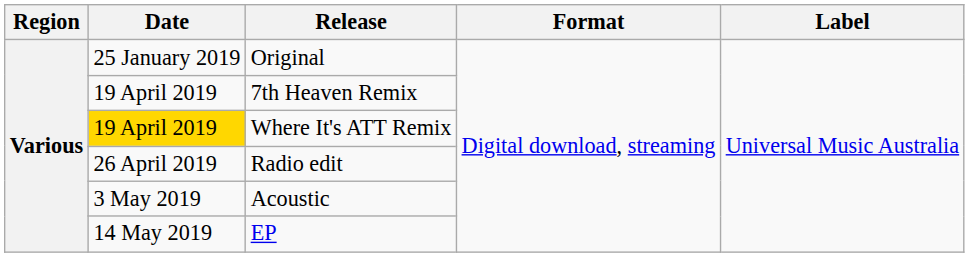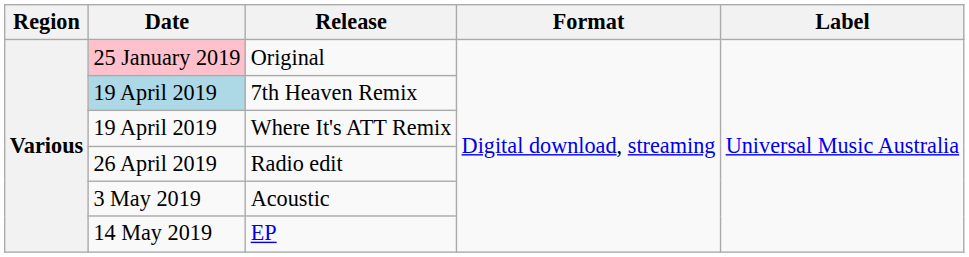 <table class="wikitable plainrowheaders">
 <tr>
 <th scope="col">Region</th>
 <th scope="col">Date</th>
 <th scope="col">Release</th>
 <th scope="col">Format</th>
 <th scope="col">Label</th>
 </tr>
 <tr>
 <th scope="row" rowspan="6">Various</th>
-<td>25 January 2019</td>
+<td style="background: pink;">25 January 2019</td>
 <td>Original</td>
 <td rowspan="6"><a href='#'>Digital download</a>, <a href='#'>streaming</a></td>
 <td rowspan="6"><a href='#'>Universal Music Australia</a></td>
 </tr>
 <tr>
-<td>19 April 2019</td>
+<td style="background: lightblue;">19 April 2019</td>
 <td>7th Heaven Remix</td>
 </tr>
 <tr>
-<td style="background: gold;">19 April 2019</td>
+<td>19 April 2019</td>
 <td>Where It's ATT Remix</td>
 </tr>
 <tr>
 <td>26 April 2019</td>
 <td>Radio edit</td>
 </tr>
 <tr>
 <td>3 May 2019</td>
 <td>Acoustic</td>
 </tr>
 <tr>
 <td>14 May 2019</td>
 <td><a href='#'>EP</a></td>
 </tr>
 </table>
